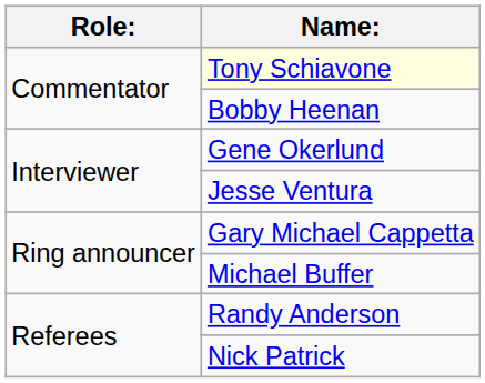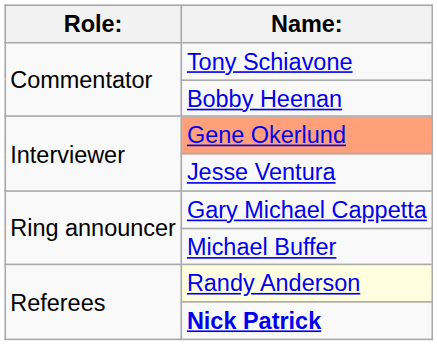 <table class=wikitable style="font-size:90%; margin: 0.5em 0 0.5em 1em; float: right; clear: right;">
 <tr>
 <th>Role:</th>
 <th>Name:</th>
 </tr>
 <tr>
 <td rowspan=2>Commentator</td>
-<td style="background: lightyellow;"><a href='#'>Tony Schiavone</a></td>
+<td><a href='#'>Tony Schiavone</a></td>
 </tr>
 <tr>
 <td><a href='#'>Bobby Heenan</a></td>
 </tr>
 <tr>
 <td rowspan=2>Interviewer</td>
-<td><a href='#'>Gene Okerlund</a></td>
+<td style="background: lightsalmon;"><a href='#'>Gene Okerlund</a></td>
 </tr>
 <tr>
 <td><a href='#'>Jesse Ventura</a></td>
 </tr>
 <tr>
 <td rowspan=2>Ring announcer</td>
 <td><a href='#'>Gary Michael Cappetta</a></td>
 </tr>
 <tr>
 <td><a href='#'>Michael Buffer</a></td>
 </tr>
 <tr>
 <td rowspan=2>Referees</td>
-<td><a href='#'>Randy Anderson</a></td>
+<td style="background: lightyellow;"><a href='#'>Randy Anderson</a></td>
 </tr>
 <tr>
-<td><a href='#'>Nick Patrick</a></td>
+<td><strong><a href='#'>Nick Patrick</a></strong></td>
 </tr>
 </table>
